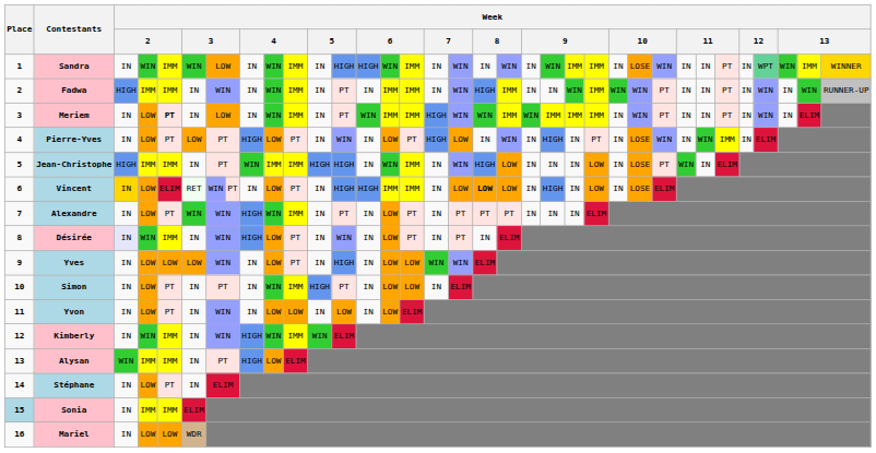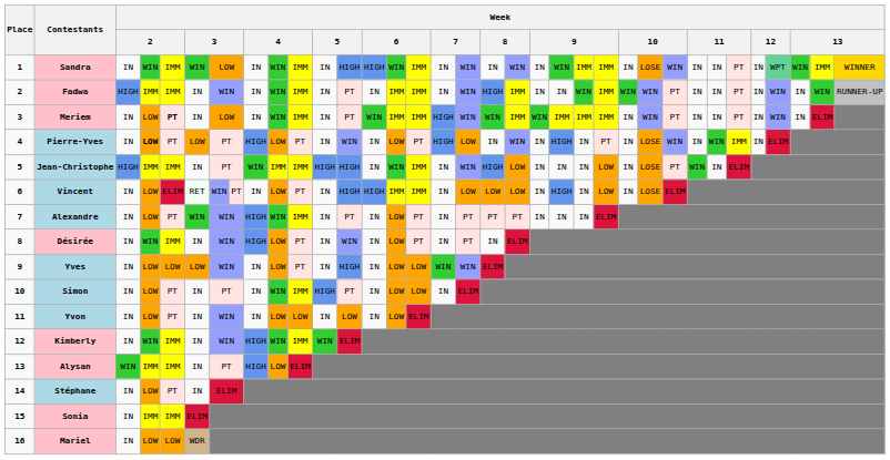 <table class="wikitable" style="text-align: center; font-size: 8pt; line-height:26px;">
 <tr>
 <th rowspan="2"><strong>Place</strong></th>
 <th rowspan="2"><strong>Contestants</strong></th>
 <th colspan="33"><strong>Week</strong></th>
 </tr>
 <tr>
 <th colspan="3"><strong>2</strong></th>
 <th colspan="3"><strong>3</strong></th>
 <th colspan="3"><strong>4</strong></th>
 <th colspan="2"><strong>5</strong></th>
 <th colspan="3"><strong>6</strong></th>
 <th colspan="2"><strong>7</strong></th>
 <th colspan="2"><strong>8</strong></th>
 <th colspan="4"><strong>9</strong></th>
 <th colspan="3"><strong>10</strong></th>
 <th colspan="3"><strong>11</strong></th>
 <th colspan="2"><strong>12</strong></th>
 <th colspan="3"><strong>13</strong></th>
 </tr>
 <tr>
 <td><strong>1</strong></td>
 <td style="background:pink;"><strong>Sandra</strong></td>
 <td>IN</td>
 <td style="background:limegreen;">WIN</td>
 <td style="background:yellow;">IMM</td>
 <td style="background:limegreen;">WIN</td>
 <td colspan="2" style="background:orange;">LOW</td>
 <td>IN</td>
 <td style="background:limegreen;">WIN</td>
 <td style="background:yellow;">IMM</td>
 <td>IN</td>
 <td style="background:cornflowerblue;">HIGH</td>
 <td style="background:cornflowerblue;">HIGH</td>
 <td style="background:limegreen;">WIN</td>
 <td style="background:yellow;">IMM</td>
 <td>IN</td>
 <td style="background:#959FFD;">WIN</td>
 <td>IN</td>
 <td style="background:#959FFD;">WIN</td>
 <td>IN</td>
 <td style="background:limegreen;">WIN</td>
 <td style="background:yellow;">IMM</td>
 <td style="background:yellow;">IMM</td>
 <td>IN</td>
 <td style="background:orange;">LOSE</td>
 <td style="background:#959FFD;">WIN</td>
 <td>IN</td>
 <td>IN</td>
 <td style="background:mistyrose;">PT</td>
 <td>IN</td>
 <td style="background:#63d297;">WPT</td>
 <td style="background:limegreen;">WIN</td>
 <td style="background:yellow;">IMM</td>
 <td style="background:gold;">WINNER</td>
 </tr>
 <tr>
 <td><strong>2</strong></td>
 <td style="background:pink;"><strong>Fadwa</strong></td>
 <td style="background:cornflowerblue;">HIGH</td>
 <td style="background:yellow;">IMM</td>
 <td style="background:yellow;">IMM</td>
 <td>IN</td>
 <td colspan="2" style="background:#959FFD;">WIN</td>
 <td>IN</td>
 <td style="background:limegreen;">WIN</td>
 <td style="background:yellow;">IMM</td>
 <td>IN</td>
 <td style="background:mistyrose;">PT</td>
 <td>IN</td>
 <td style="background:yellow;">IMM</td>
 <td style="background:yellow;">IMM</td>
 <td>IN</td>
 <td style="background:#959FFD;">WIN</td>
 <td style="background:cornflowerblue;">HIGH</td>
 <td style="background:yellow;">IMM</td>
 <td>IN</td>
 <td>IN</td>
 <td style="background:limegreen;">WIN</td>
 <td style="background:yellow;">IMM</td>
 <td style="background:limegreen;">WIN</td>
 <td style="background:#959FFD;">WIN</td>
 <td style="background:mistyrose;">PT</td>
 <td>IN</td>
 <td>IN</td>
 <td style="background:mistyrose;">PT</td>
 <td>IN</td>
 <td style="background:#959FFD;">WIN</td>
 <td>IN</td>
 <td style="background:limegreen;">WIN</td>
 <td style="background:silver; white-space:nowrap;">RUNNER-UP</td>
 </tr>
 <tr>
 <td><strong>3</strong></td>
 <td style="background:pink;"><strong>Meriem</strong></td>
 <td>IN</td>
 <td style="background:orange;">LOW</td>
 <td style="background:mistyrose;"><strong>PT</strong></td>
 <td>IN</td>
 <td colspan="2" style="background:orange;">LOW</td>
 <td>IN</td>
 <td style="background:limegreen;">WIN</td>
 <td style="background:yellow;">IMM</td>
 <td>IN</td>
 <td style="background:mistyrose;">PT</td>
 <td style="background:limegreen;">WIN</td>
 <td style="background:yellow;">IMM</td>
 <td style="background:yellow;">IMM</td>
 <td style="background:cornflowerblue;">HIGH</td>
 <td style="background:#959FFD;">WIN</td>
 <td style="background:limegreen;">WIN</td>
 <td style="background:yellow;">IMM</td>
 <td style="background:limegreen;">WIN</td>
 <td style="background:yellow;">IMM</td>
 <td style="background:yellow;">IMM</td>
 <td style="background:yellow;">IMM</td>
 <td>IN</td>
 <td style="background:#959FFD;">WIN</td>
 <td style="background:mistyrose;">PT</td>
 <td>IN</td>
 <td>IN</td>
 <td style="background:mistyrose;">PT</td>
 <td>IN</td>
 <td style="background:#959FFD;">WIN</td>
 <td>IN</td>
 <td style="background:crimson;">ELIM</td>
 <td style="background:grey;"></td>
 </tr>
 <tr>
 <td><strong>4</strong></td>
 <td style="background:lightblue; white-space:nowrap;"><strong>Pierre-Yves</strong></td>
 <td>IN</td>
-<td style="background:orange;">LOW</td>
+<td style="background:orange;"><strong>LOW</strong></td>
 <td style="background:mistyrose;">PT</td>
 <td style="background:orange;">LOW</td>
 <td colspan="2" style="background:mistyrose;">PT</td>
 <td style="background:cornflowerblue;">HIGH</td>
 <td style="background:orange;">LOW</td>
 <td style="background:mistyrose;">PT</td>
 <td>IN</td>
 <td style="background:#959FFD;">WIN</td>
 <td>IN</td>
 <td style="background:orange;">LOW</td>
 <td style="background:mistyrose;">PT</td>
 <td style="background:cornflowerblue;">HIGH</td>
 <td style="background:orange;">LOW</td>
 <td>IN</td>
 <td style="background:#959FFD;">WIN</td>
 <td>IN</td>
 <td style="background:cornflowerblue;">HIGH</td>
 <td>IN</td>
 <td style="background:mistyrose;">PT</td>
 <td>IN</td>
 <td style="background:orange;">LOSE</td>
 <td style="background:#959FFD;">WIN</td>
 <td>IN</td>
 <td style="background:limegreen;">WIN</td>
 <td style="background:yellow;">IMM</td>
 <td>IN</td>
 <td style="background:crimson;">ELIM</td>
 <td colspan="3" style="background:grey;"></td>
 </tr>
 <tr>
 <td><strong>5</strong></td>
 <td style="background:lightblue; white-space:nowrap;"><strong>Jean-Christophe</strong></td>
 <td style="background:cornflowerblue;">HIGH</td>
 <td style="background:yellow;">IMM</td>
 <td style="background:yellow;">IMM</td>
 <td>IN</td>
 <td colspan="2" style="background:mistyrose;">PT</td>
 <td style="background:limegreen;">WIN</td>
 <td style="background:yellow;">IMM</td>
 <td style="background:yellow;">IMM</td>
 <td style="background:cornflowerblue;">HIGH</td>
 <td style="background:cornflowerblue;">HIGH</td>
 <td>IN</td>
 <td style="background:limegreen;">WIN</td>
 <td style="background:yellow;">IMM</td>
 <td>IN</td>
 <td style="background:#959FFD;">WIN</td>
 <td style="background:cornflowerblue;">HIGH</td>
 <td style="background:orange;">LOW</td>
 <td>IN</td>
 <td>IN</td>
 <td>IN</td>
 <td style="background:orange;">LOW</td>
 <td>IN</td>
 <td style="background:orange;">LOSE</td>
 <td style="background:mistyrose;">PT</td>
 <td style="background:limegreen;">WIN</td>
 <td>IN</td>
 <td style="background:crimson;">ELIM</td>
 <td colspan="5" style="background:grey;"></td>
 </tr>
 <tr>
 <td><strong>6</strong></td>
 <td style="background:lightblue;"><strong>Vincent</strong></td>
-<td style="background: gold;">IN</td>
+<td>IN</td>
 <td style="background:orange;">LOW</td>
 <td style="background:crimson;">ELIM</td>
 <td style="background:honeydew;">RET</td>
 <td style="background:#959FFD;">WIN</td>
 <td style="background:mistyrose;">PT</td>
 <td>IN</td>
 <td style="background:orange;">LOW</td>
 <td style="background:mistyrose;">PT</td>
 <td>IN</td>
 <td style="background:cornflowerblue;">HIGH</td>
 <td style="background:cornflowerblue;">HIGH</td>
 <td style="background:yellow;">IMM</td>
 <td style="background:yellow;">IMM</td>
 <td>IN</td>
 <td style="background:orange;">LOW</td>
-<td style="background:orange;"><strong>LOW</strong></td>
+<td style="background:orange;">LOW</td>
 <td style="background:orange;">LOW</td>
 <td>IN</td>
 <td style="background:cornflowerblue;">HIGH</td>
 <td>IN</td>
 <td style="background:orange;">LOW</td>
 <td>IN</td>
 <td style="background:orange;">LOSE</td>
 <td style="background:crimson;">ELIM</td>
 <td colspan="8" style="background:grey;"></td>
 </tr>
 <tr>
 <td><strong>7</strong></td>
 <td style="background:lightblue;"><strong>Alexandre</strong></td>
 <td>IN</td>
 <td style="background:orange;">LOW</td>
 <td style="background:mistyrose;">PT</td>
 <td style="background:limegreen;">WIN</td>
 <td colspan="2" style="background:#959FFD;">WIN</td>
 <td style="background:cornflowerblue;">HIGH</td>
 <td style="background:limegreen;">WIN</td>
 <td style="background:yellow;">IMM</td>
 <td>IN</td>
 <td style="background:mistyrose;">PT</td>
 <td>IN</td>
 <td style="background:orange;">LOW</td>
 <td style="background:mistyrose;">PT</td>
 <td>IN</td>
 <td style="background:mistyrose;">PT</td>
 <td style="background:mistyrose;">PT</td>
 <td style="background:mistyrose;">PT</td>
 <td>IN</td>
 <td>IN</td>
 <td>IN</td>
 <td style="background:crimson;">ELIM</td>
 <td colspan="11" style="background:grey;"></td>
 </tr>
 <tr>
 <td><strong>8</strong></td>
 <td style="background:pink;"><strong>Désirée</strong></td>
-<td style="background: lavender;">IN</td>
+<td>IN</td>
 <td style="background:limegreen;">WIN</td>
 <td style="background:yellow;">IMM</td>
 <td>IN</td>
 <td colspan="2" style="background:#959FFD;">WIN</td>
 <td style="background:cornflowerblue;">HIGH</td>
 <td style="background:orange;">LOW</td>
 <td style="background:mistyrose;">PT</td>
 <td>IN</td>
 <td style="background:#959FFD;">WIN</td>
 <td>IN</td>
 <td style="background:orange;">LOW</td>
 <td style="background:mistyrose;">PT</td>
 <td>IN</td>
 <td style="background:mistyrose;">PT</td>
 <td>IN</td>
 <td style="background:crimson;">ELIM</td>
 <td colspan="15" style="background:grey;"></td>
 </tr>
 <tr>
 <td><strong>9</strong></td>
 <td style="background:lightblue;"><strong>Yves</strong></td>
 <td>IN</td>
 <td style="background:orange;">LOW</td>
 <td style="background:orange;">LOW</td>
 <td style="background:orange;">LOW</td>
 <td colspan="2" style="background:#959FFD;">WIN</td>
 <td>IN</td>
 <td style="background:orange;">LOW</td>
 <td style="background:mistyrose;">PT</td>
 <td>IN</td>
 <td style="background:cornflowerblue;">HIGH</td>
 <td>IN</td>
 <td style="background:orange;">LOW</td>
 <td style="background:orange;">LOW</td>
 <td style="background:limegreen;">WIN</td>
 <td style="background:#959FFD;">WIN</td>
 <td style="background:crimson;">ELIM</td>
 <td colspan="16" style="background:grey;"></td>
 </tr>
 <tr>
 <td><strong>10</strong></td>
 <td style="background:lightblue;"><strong>Simon</strong></td>
 <td>IN</td>
 <td style="background:orange;">LOW</td>
 <td style="background:mistyrose;">PT</td>
 <td>IN</td>
 <td colspan="2" style="background:mistyrose;">PT</td>
 <td>IN</td>
 <td style="background:limegreen;">WIN</td>
 <td style="background:yellow;">IMM</td>
 <td style="background:cornflowerblue;">HIGH</td>
 <td style="background:mistyrose;">PT</td>
 <td>IN</td>
 <td style="background:orange;">LOW</td>
 <td style="background:orange;">LOW</td>
 <td>IN</td>
 <td style="background:crimson;">ELIM</td>
 <td colspan="17" style="background:grey;"></td>
 </tr>
 <tr>
 <td><strong>11</strong></td>
 <td style="background:lightblue;"><strong>Yvon</strong></td>
 <td>IN</td>
 <td style="background:orange;">LOW</td>
 <td style="background:mistyrose;">PT</td>
 <td>IN</td>
 <td colspan="2" style="background:#959FFD;">WIN</td>
 <td>IN</td>
 <td style="background:orange;">LOW</td>
 <td style="background:orange;">LOW</td>
 <td>IN</td>
 <td style="background:orange;">LOW</td>
 <td>IN</td>
 <td style="background:orange;">LOW</td>
 <td style="background:crimson;">ELIM</td>
 <td colspan="19" style="background:grey;"></td>
 </tr>
 <tr>
 <td><strong>12</strong></td>
 <td style="background:pink;"><strong>Kimberly</strong></td>
 <td>IN</td>
 <td style="background:limegreen;">WIN</td>
 <td style="background:yellow;">IMM</td>
 <td>IN</td>
 <td colspan="2" style="background:#959FFD;">WIN</td>
 <td style="background:cornflowerblue;">HIGH</td>
 <td style="background:limegreen;">WIN</td>
 <td style="background:yellow;">IMM</td>
 <td style="background:limegreen;">WIN</td>
 <td style="background:crimson;">ELIM</td>
 <td colspan="22" style="background:grey;"></td>
 </tr>
 <tr>
 <td><strong>13</strong></td>
 <td style="background:pink;"><strong>Alysan</strong></td>
 <td style="background:limegreen;">WIN</td>
 <td style="background:yellow;">IMM</td>
 <td style="background:yellow;">IMM</td>
 <td>IN</td>
 <td colspan="2" style="background:mistyrose;">PT</td>
 <td style="background:cornflowerblue;">HIGH</td>
 <td style="background:orange;">LOW</td>
 <td style="background:crimson;">ELIM</td>
 <td colspan="24" style="background:grey;"></td>
 </tr>
 <tr>
 <td><strong>14</strong></td>
 <td style="background:lightblue;"><strong>Stéphane</strong></td>
 <td>IN</td>
 <td style="background:orange;">LOW</td>
 <td style="background:mistyrose;">PT</td>
 <td>IN</td>
 <td colspan="2" style="background:crimson;">ELIM</td>
 <td colspan="27" style="background:grey;"></td>
 </tr>
 <tr>
-<td style="background: lightblue;"><strong>15</strong></td>
+<td><strong>15</strong></td>
 <td style="background:pink;"><strong>Sonia</strong></td>
 <td>IN</td>
 <td style="background:yellow;">IMM</td>
 <td style="background:yellow;">IMM</td>
 <td style="background:crimson;">ELIM</td>
 <td colspan="29" style="background:grey;"></td>
 </tr>
 <tr>
 <td><strong>16</strong></td>
 <td style="background:pink;"><strong>Mariel</strong></td>
 <td>IN</td>
 <td style="background:orange;">LOW</td>
 <td style="background:orange;">LOW</td>
 <td style="background:tan;">WDR</td>
 <td colspan="29" style="background:grey;"></td>
 </tr>
 </table>
